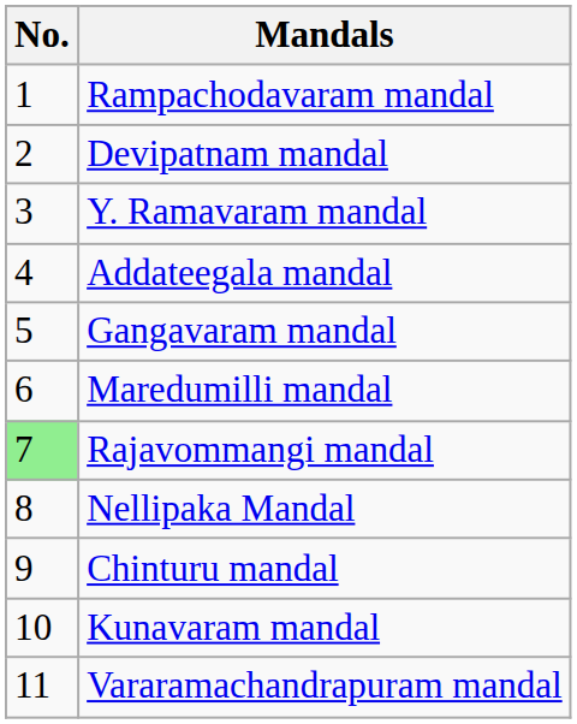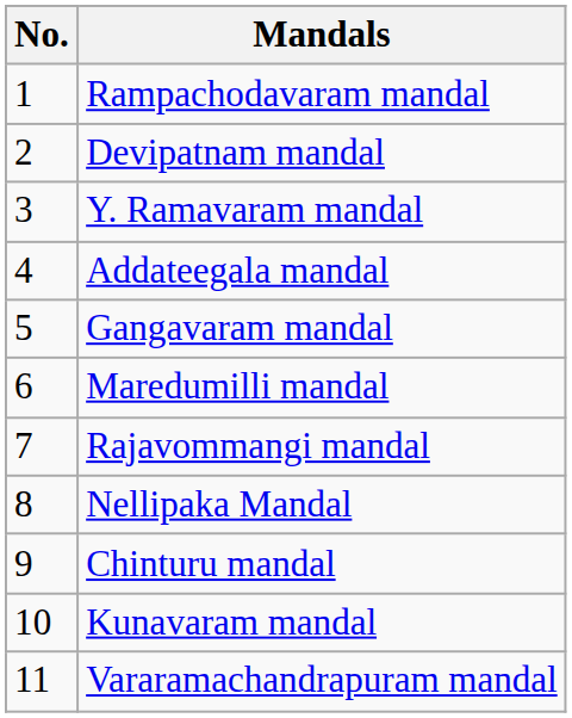 <table class="wikitable">
 <tr>
 <th>No.</th>
 <th>Mandals</th>
 </tr>
 <tr>
 <td>1</td>
 <td><a href='#'>Rampachodavaram mandal</a></td>
 </tr>
 <tr>
 <td>2</td>
 <td><a href='#'>Devipatnam mandal</a></td>
 </tr>
 <tr>
 <td>3</td>
 <td><a href='#'>Y. Ramavaram mandal</a></td>
 </tr>
 <tr>
 <td>4</td>
 <td><a href='#'>Addateegala mandal</a></td>
 </tr>
 <tr>
 <td>5</td>
 <td><a href='#'>Gangavaram mandal</a></td>
 </tr>
 <tr>
 <td>6</td>
 <td><a href='#'>Maredumilli mandal</a></td>
 </tr>
 <tr>
-<td style="background: lightgreen;">7</td>
+<td>7</td>
 <td><a href='#'>Rajavommangi mandal</a></td>
 </tr>
 <tr>
 <td>8</td>
 <td><a href='#'>Nellipaka Mandal</a></td>
 </tr>
 <tr>
 <td>9</td>
 <td><a href='#'>Chinturu mandal</a></td>
 </tr>
 <tr>
 <td>10</td>
 <td><a href='#'>Kunavaram mandal</a></td>
 </tr>
 <tr>
 <td>11</td>
 <td><a href='#'>Vararamachandrapuram mandal</a></td>
 </tr>
 </table>
